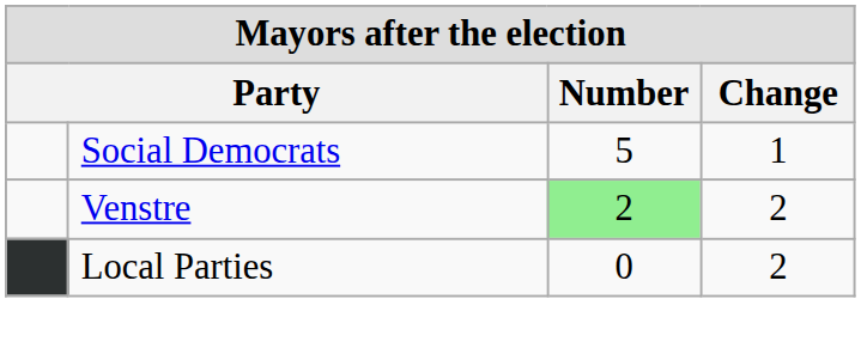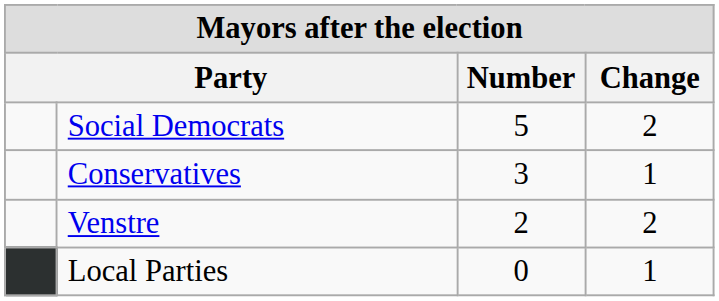 <table class="wikitable" style="">
 <tr>
 <td colspan="4" style="background:#dddddd; text-align:center;"><strong>Mayors after the election</strong></td>
 </tr>
 <tr>
 <th colspan="2">Party</th>
 <th style="width:60px;">Number</th>
 <th style="width:60px;">Change</th>
 </tr>
 <tr>
 <td style="background:"></td>
 <td style="padding-left:5px;"><a href='#'>Social Democrats</a></td>
 <td style="text-align:center;">5</td>
+<td style="text-align:center;"> 2</td>
+</tr>
+<tr>
+<td style="background:"></td>
+<td style="padding-left:5px;"><a href='#'>Conservatives</a></td>
+<td style="text-align:center;">3</td>
 <td style="text-align:center;"> 1</td>
 </tr>
 <tr>
 <td style="width:20px; background:"></td>
 <td style="width:200px; padding-left:5px;"><a href='#'>Venstre</a></td>
-<td style="background: lightgreen; text-align:center;">2</td>
+<td style="text-align:center;">2</td>
 <td style="text-align:center;"> 2</td>
 </tr>
 <tr>
 <td style="background:#2c3030;"></td>
 <td style="padding-left:5px;">Local Parties</td>
 <td style="text-align:center;">0</td>
-<td style="text-align:center;"> 2</td>
+<td style="text-align:center;"> 1</td>
 </tr>
 </table>
